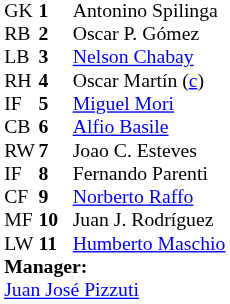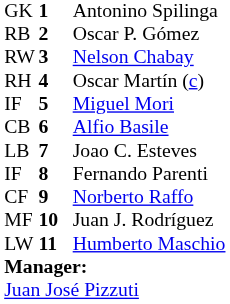 <table cellspacing="0" cellpadding="0" style="font-size:90%; margin:0.2em auto;">
 <tr>
 <th width="25"></th>
 <th width="25"></th>
 </tr>
 <tr>
 <td>GK</td>
 <td><strong>1</strong></td>
 <td> Antonino Spilinga</td>
 </tr>
 <tr>
 <td>RB</td>
 <td><strong>2</strong></td>
 <td> Oscar P. Gómez</td>
 </tr>
 <tr>
-<td>LB</td>
+<td>RW</td>
 <td><strong>3</strong></td>
 <td> <a href='#'>Nelson Chabay</a></td>
 </tr>
 <tr>
 <td>RH</td>
 <td><strong>4</strong></td>
 <td> Oscar Martín (<a href='#'>c</a>)</td>
 </tr>
 <tr>
 <td>IF</td>
 <td><strong>5</strong></td>
 <td> <a href='#'>Miguel Mori</a></td>
 </tr>
 <tr>
 <td>CB</td>
 <td><strong>6</strong></td>
 <td> <a href='#'>Alfio Basile</a></td>
 </tr>
 <tr>
-<td>RW</td>
+<td>LB</td>
 <td><strong>7</strong></td>
 <td> Joao C. Esteves</td>
 </tr>
 <tr>
 <td>IF</td>
 <td><strong>8</strong></td>
 <td> Fernando Parenti</td>
 </tr>
 <tr>
 <td>CF</td>
 <td><strong>9</strong></td>
 <td> <a href='#'>Norberto Raffo</a></td>
 </tr>
 <tr>
 <td>MF</td>
 <td><strong>10</strong></td>
 <td> Juan J. Rodríguez</td>
 </tr>
 <tr>
 <td>LW</td>
 <td><strong>11</strong></td>
 <td> <a href='#'>Humberto Maschio</a></td>
 </tr>
 <tr>
 <td colspan=3><strong>Manager:</strong></td>
 </tr>
 <tr>
 <td colspan=4> <a href='#'>Juan José Pizzuti</a></td>
 </tr>
 </table>
